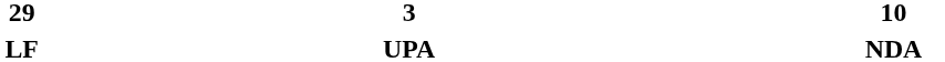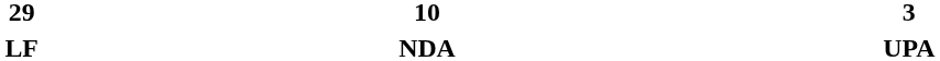 <table style="width:88%; text-align:center;">
 <tr>
 <td style="background:"><strong>29</strong></td>
+<td style="background:"><strong>10</strong></td>
 <td style="background:"><strong>3</strong></td>
-<td style="background:"><strong>10</strong></td>
 </tr>
 <tr>
 <td><span><strong>LF</strong></span></td>
+<td><span><strong>NDA</strong></span></td>
 <td><span><strong>UPA</strong></span></td>
-<td><span><strong>NDA</strong></span></td>
 </tr>
 </table>
